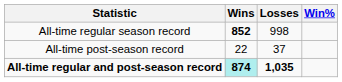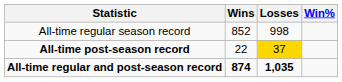 <table class="wikitable" style="text-align:center;">
 <tr>
 <th>Statistic</th>
 <th>Wins</th>
 <th>Losses</th>
 <th><a href='#'>Win%</a></th>
 </tr>
 <tr>
 <td>All-time regular season record</td>
-<td><strong>852</strong></td>
+<td>852</td>
 <td>998</td>
 <td></td>
 </tr>
 <tr>
-<td>All-time post-season record</td>
+<td><strong>All-time post-season record</strong></td>
 <td>22</td>
-<td>37</td>
+<td style="background: gold;">37</td>
 <td></td>
 </tr>
 <tr>
 <td><strong>All-time regular and post-season record</strong></td>
-<td style="background: paleturquoise;"><strong>874</strong></td>
+<td><strong>874</strong></td>
 <td><strong>1,035</strong></td>
 <td><strong></strong></td>
 </tr>
 </table>
